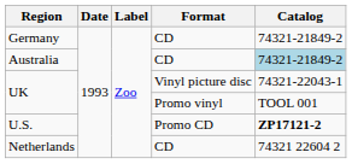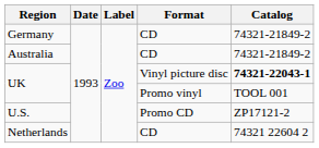 <table class="wikitable">
 <tr>
 <th>Region</th>
 <th>Date</th>
 <th>Label</th>
 <th>Format</th>
 <th>Catalog</th>
 </tr>
 <tr>
 <td>Germany</td>
 <td rowspan="6">1993</td>
 <td rowspan="6"><a href='#'>Zoo</a></td>
 <td>CD</td>
 <td>74321-21849-2</td>
 </tr>
 <tr>
 <td>Australia</td>
 <td>CD</td>
-<td style="background: lightblue;">74321-21849-2</td>
+<td>74321-21849-2</td>
 </tr>
 <tr>
 <td rowspan="2">UK</td>
 <td>Vinyl picture disc</td>
-<td>74321-22043-1</td>
+<td><strong>74321-22043-1</strong></td>
 </tr>
 <tr>
 <td>Promo vinyl</td>
 <td>TOOL 001</td>
 </tr>
 <tr>
 <td>U.S.</td>
 <td>Promo CD</td>
-<td><strong>ZP17121-2</strong></td>
+<td>ZP17121-2</td>
 </tr>
 <tr>
 <td>Netherlands</td>
 <td>CD</td>
 <td>74321 22604 2</td>
 </tr>
 </table>
